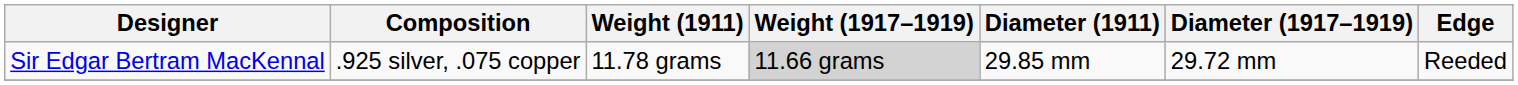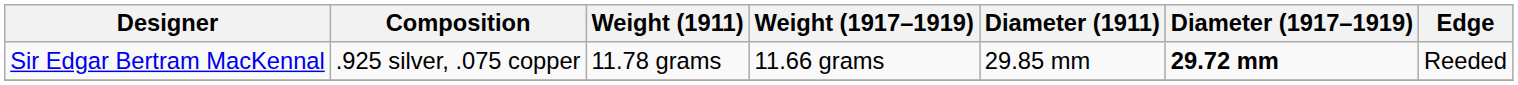 <table class="wikitable">
 <tr>
 <th>Designer</th>
 <th>Composition</th>
 <th>Weight (1911)</th>
 <th>Weight (1917–1919)</th>
 <th>Diameter (1911)</th>
 <th>Diameter (1917–1919)</th>
 <th>Edge</th>
 </tr>
 <tr>
 <td><a href='#'>Sir Edgar Bertram MacKennal</a></td>
 <td>.925 silver, .075 copper</td>
 <td>11.78 grams</td>
-<td style="background: lightgrey;">11.66 grams</td>
+<td>11.66 grams</td>
 <td>29.85 mm</td>
-<td>29.72 mm</td>
+<td><strong>29.72 mm</strong></td>
 <td>Reeded</td>
 </tr>
 <tr>
 </tr>
 </table>
